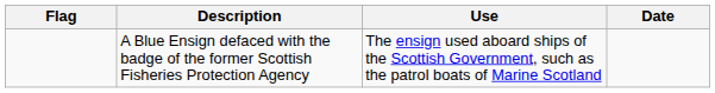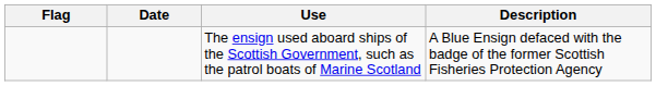 <table class="wikitable">
 <tr style="background:#efefef;">
 <th style="width:110px;">Flag</th>
+<th style="width:100px;">Date</th>
+<th style="width:250px;">Use</th>
 <th style="width:250px;">Description</th>
-<th style="width:250px;">Use</th>
-<th style="width:100px;">Date</th>
 </tr>
 <tr>
 <td></td>
+<td></td>
+<td>The <a href='#'>ensign</a> used aboard ships of the <a href='#'>Scottish Government</a>, such as the patrol boats of <a href='#'>Marine Scotland</a></td>
 <td>A Blue Ensign defaced with the badge of the former Scottish Fisheries Protection Agency</td>
-<td>The <a href='#'>ensign</a> used aboard ships of the <a href='#'>Scottish Government</a>, such as the patrol boats of <a href='#'>Marine Scotland</a></td>
-<td></td>
 </tr>
 </table>
